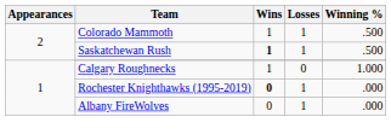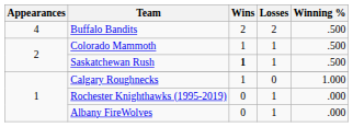 <table class="wikitable" style="font-size: 100%">
 <tr bgcolor="#efefef">
 <th>Appearances</th>
 <th>Team</th>
 <th>Wins</th>
 <th>Losses</th>
 <th>Winning %</th>
+</tr>
+<tr>
+<td rowspan="1" align="center">4</td>
+<td><a href='#'>Buffalo Bandits</a></td>
+<td align="center">2</td>
+<td align="center">2</td>
+<td align="right">.500</td>
 </tr>
 <tr>
 <td rowspan="2" align="center">2</td>
 <td><a href='#'>Colorado Mammoth</a></td>
 <td align="center">1</td>
 <td align="center">1</td>
 <td align="right">.500</td>
 </tr>
 <tr>
 <td><a href='#'>Saskatchewan Rush</a></td>
 <td align="center"><strong>1</strong></td>
 <td align="center">1</td>
 <td align="right">.500</td>
 </tr>
 <tr>
 <td rowspan="4" align="center">1</td>
 </tr>
 <tr>
 <td><a href='#'>Calgary Roughnecks</a></td>
 <td align="center">1</td>
 <td align="center">0</td>
 <td align="right">1.000</td>
 </tr>
 <tr>
 <td><a href='#'>Rochester Knighthawks (1995-2019)</a></td>
-<td align="center"><strong>0</strong></td>
+<td align="center">0</td>
 <td align="center">1</td>
 <td align="right">.000</td>
 </tr>
 <tr>
 <td><a href='#'>Albany FireWolves</a></td>
 <td align="center">0</td>
 <td align="center">1</td>
 <td align="right">.000</td>
 </tr>
 </table>
